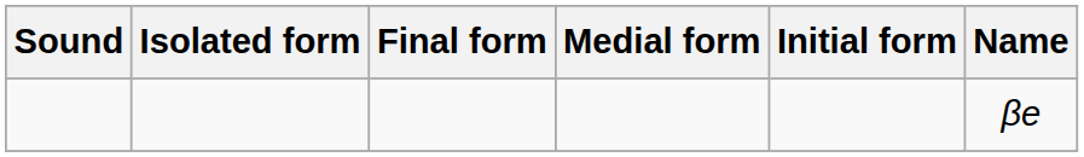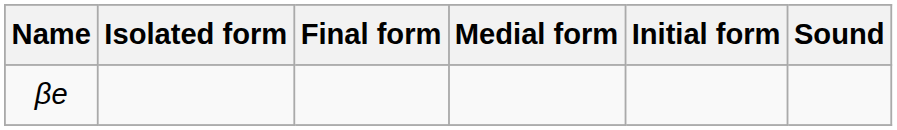 <table class="wikitable" style="line-height:1.6;text-align:center">
 <tr>
-<th>Sound</th>
+<th>Name</th>
 <th>Isolated form</th>
 <th>Final form</th>
 <th>Medial form</th>
 <th>Initial form</th>
-<th>Name</th>
+<th>Sound</th>
 </tr>
 <tr>
-<td style="font-size: 1.25em;"></td>
+<td><em>βe</em></td>
 <td style="font-size: 2em;"></td>
 <td style="font-size: 2em;"></td>
 <td style="font-size: 2em;"></td>
 <td style="font-size: 2em;"></td>
-<td><em>βe</em></td>
+<td style="font-size: 1.25em;"></td>
 </tr>
 </table>
